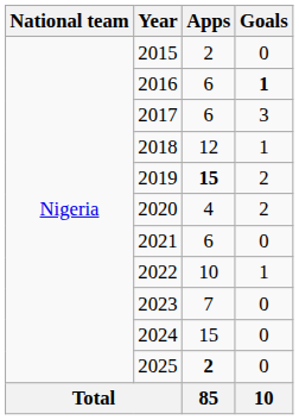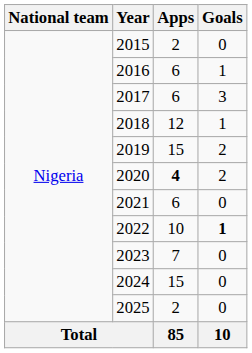 <table class=wikitable style=text-align:center>
 <tr>
 <th>National team</th>
 <th>Year</th>
 <th>Apps</th>
 <th>Goals</th>
 </tr>
 <tr>
 <td rowspan="11"><a href='#'>Nigeria</a></td>
 <td>2015</td>
 <td>2</td>
 <td>0</td>
 </tr>
 <tr>
 <td>2016</td>
 <td>6</td>
-<td><strong>1</strong></td>
+<td>1</td>
 </tr>
 <tr>
 <td>2017</td>
 <td>6</td>
 <td>3</td>
 </tr>
 <tr>
 <td>2018</td>
 <td>12</td>
 <td>1</td>
 </tr>
 <tr>
 <td>2019</td>
-<td><strong>15</strong></td>
+<td>15</td>
 <td>2</td>
 </tr>
 <tr>
 <td>2020</td>
-<td>4</td>
+<td><strong>4</strong></td>
 <td>2</td>
 </tr>
 <tr>
 <td>2021</td>
 <td>6</td>
 <td>0</td>
 </tr>
 <tr>
 <td>2022</td>
 <td>10</td>
-<td>1</td>
+<td><strong>1</strong></td>
 </tr>
 <tr>
 <td>2023</td>
 <td>7</td>
 <td>0</td>
 </tr>
 <tr>
 <td>2024</td>
 <td>15</td>
 <td>0</td>
 </tr>
 <tr>
 <td>2025</td>
-<td><strong>2</strong></td>
+<td>2</td>
 <td>0</td>
 </tr>
 <tr>
 <th colspan="2">Total</th>
 <th>85</th>
 <th>10</th>
 </tr>
 </table>
